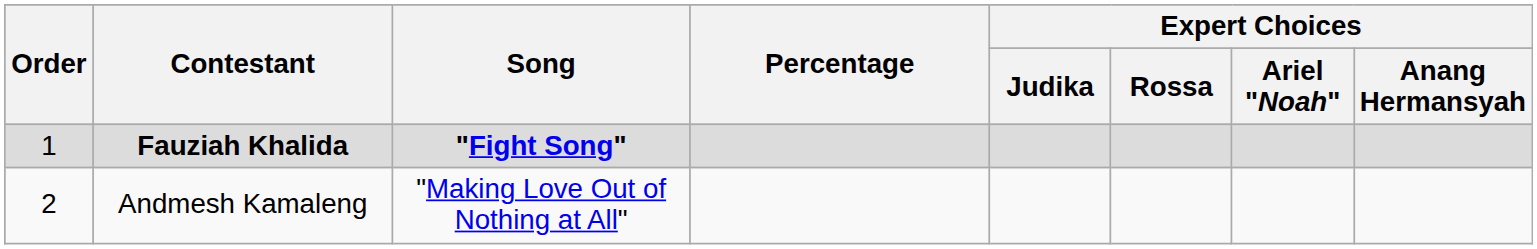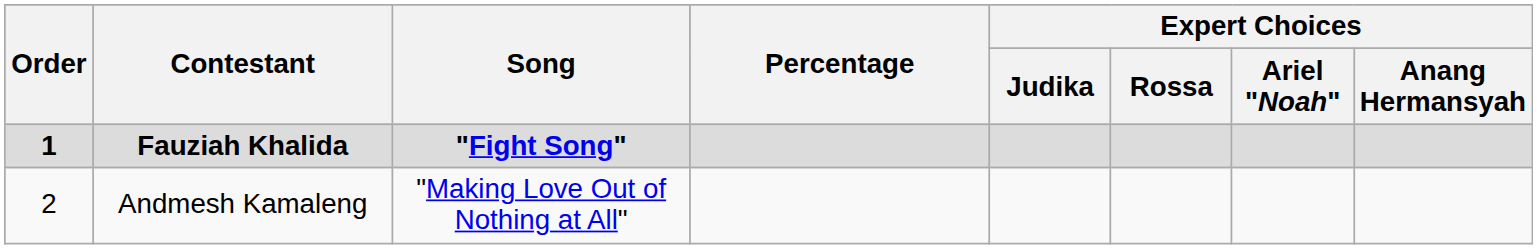 <table class="wikitable" style="text-align:center; width:100%;">
 <tr>
 <th scope="col" rowspan="2" style="width:05%;">Order</th>
 <th scope="col" rowspan="2" style="width:20%;">Contestant</th>
 <th scope="col" rowspan="2" style="width:20%;">Song</th>
 <th scope="col" rowspan="2" style="width:20%;">Percentage</th>
 <th scope="col" colspan="5" style="width:32%;">Expert Choices</th>
 </tr>
 <tr>
 <th style="width:08%;">Judika</th>
 <th style="width:08%;">Rossa</th>
 <th style="width:08%;">Ariel "<em>Noah</em>"</th>
 <th style="width:08%;">Anang Hermansyah</th>
 </tr>
 <tr style="background:#DCDCDC;">
-<td>1</td>
+<td><strong>1</strong></td>
 <td><strong>Fauziah Khalida</strong></td>
 <td><strong>"<a href='#'>Fight Song</a>"</strong></td>
 <td></td>
 <td></td>
 <td></td>
 <td></td>
 <td></td>
 </tr>
 <tr>
 <td>2</td>
 <td>Andmesh Kamaleng</td>
 <td>"<a href='#'>Making Love Out of Nothing at All</a>"</td>
 <td></td>
 <td></td>
 <td></td>
 <td></td>
 <td></td>
 </tr>
 </table>
